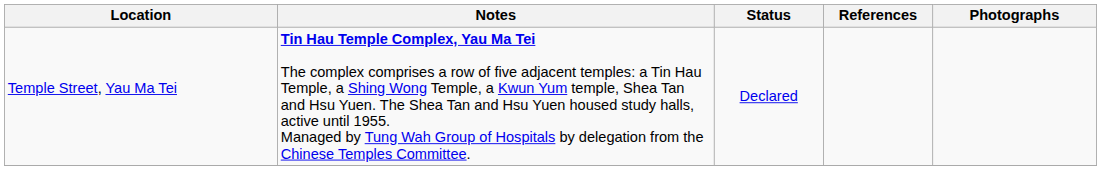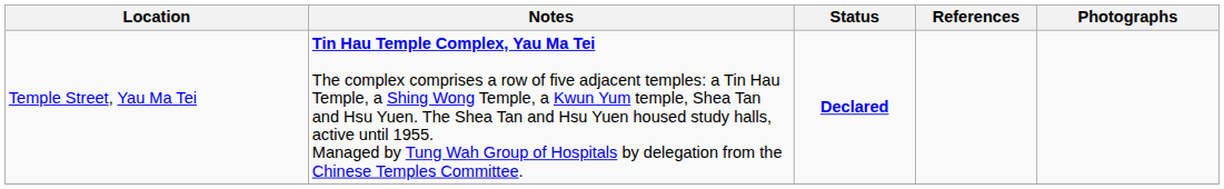 <table class="wikitable sortable" style="width:95%">
 <tr>
 <th width="25%">Location</th>
 <th width="40%">Notes</th>
 <th width="10%">Status</th>
 <th width="10%">References</th>
 <th width="15%">Photographs</th>
 </tr>
 <tr>
 <td><a href='#'>Temple Street</a>, <a href='#'>Yau Ma Tei</a><br><br></td>
 <td><strong><a href='#'>Tin Hau Temple Complex, Yau Ma Tei</a></strong><br><br>The complex comprises a row of five adjacent temples: a Tin Hau Temple, a <a href='#'>Shing Wong</a> Temple, a <a href='#'>Kwun Yum</a> temple, Shea Tan and Hsu Yuen. The Shea Tan and Hsu Yuen housed study halls, active until 1955.<br>Managed by <a href='#'>Tung Wah Group of Hospitals</a> by delegation from the <a href='#'>Chinese Temples Committee</a>.</td>
-<td style="text-align:center"><a href='#'>Declared</a></td>
+<td style="text-align:center"><strong><a href='#'>Declared</a></strong></td>
 <td>     </td>
 <td></td>
 </tr>
 <tr>
 </tr>
 </table>
